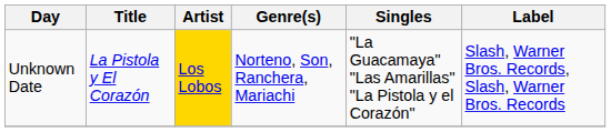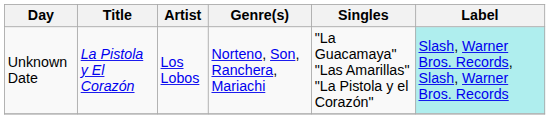 <table class="wikitable sortable" style="text-align: left;">
 <tr>
 <th>Day</th>
 <th>Title</th>
 <th>Artist</th>
 <th>Genre(s)</th>
 <th>Singles</th>
 <th>Label</th>
 </tr>
 <tr>
 <td>Unknown Date</td>
 <td><em><a href='#'>La Pistola y El Corazón</a></em></td>
-<td style="background: gold;"><a href='#'>Los Lobos</a></td>
+<td><a href='#'>Los Lobos</a></td>
 <td><a href='#'>Norteno</a>, <a href='#'>Son</a>, <a href='#'>Ranchera</a>, <a href='#'>Mariachi</a></td>
 <td>"La Guacamaya"<br>"Las Amarillas"<br>"La Pistola y el Corazón"</td>
-<td><a href='#'>Slash</a>, <a href='#'>Warner Bros. Records</a>, <a href='#'>Slash</a>, <a href='#'>Warner Bros. Records</a></td>
+<td style="background: paleturquoise;"><a href='#'>Slash</a>, <a href='#'>Warner Bros. Records</a>, <a href='#'>Slash</a>, <a href='#'>Warner Bros. Records</a></td>
 </tr>
 <tr>
 </tr>
 </table>
